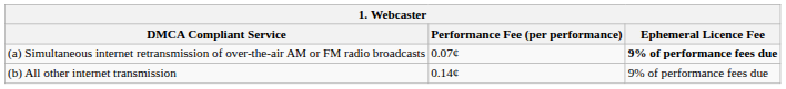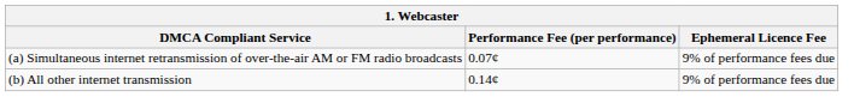 <table class="wikitable">
 <tr>
 <th colspan="3">1.  <strong>Webcaster</strong></th>
 </tr>
 <tr>
 <th>DMCA Compliant Service</th>
 <th>Performance Fee (per performance)</th>
 <th>Ephemeral Licence Fee</th>
 </tr>
 <tr>
 <td>(a) Simultaneous internet retransmission of over-the-air AM or FM radio broadcasts</td>
 <td>0.07¢</td>
-<td><strong>9% of performance fees due</strong></td>
+<td>9% of performance fees due</td>
 </tr>
 <tr>
 <td>(b) All other internet transmission</td>
 <td>0.14¢</td>
 <td>9% of performance fees due</td>
 </tr>
 </table>
